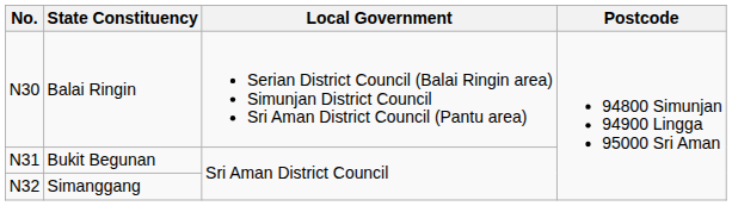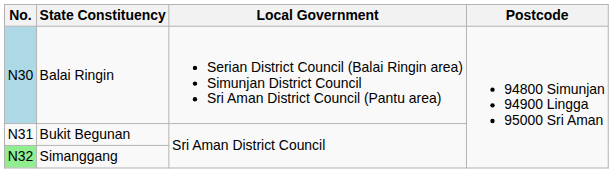 <table class="wikitable">
 <tr>
 <th>No.</th>
 <th>State Constituency</th>
 <th>Local Government</th>
 <th>Postcode</th>
 </tr>
 <tr>
-<td>N30</td>
+<td style="background: lightblue;">N30</td>
 <td>Balai Ringin</td>
 <td><br><ul><li>Serian District Council (Balai Ringin area)</li><li>Simunjan District Council</li><li>Sri Aman District Council (Pantu area)</li></ul></td>
 <td rowspan="3"><br><ul><li>94800 Simunjan</li><li>94900 Lingga</li><li>95000 Sri Aman</li></ul></td>
 </tr>
 <tr>
 <td>N31</td>
 <td>Bukit Begunan</td>
 <td rowspan="2">Sri Aman District Council</td>
 </tr>
 <tr>
-<td>N32</td>
+<td style="background: lightgreen;">N32</td>
 <td>Simanggang</td>
 </tr>
 </table>
